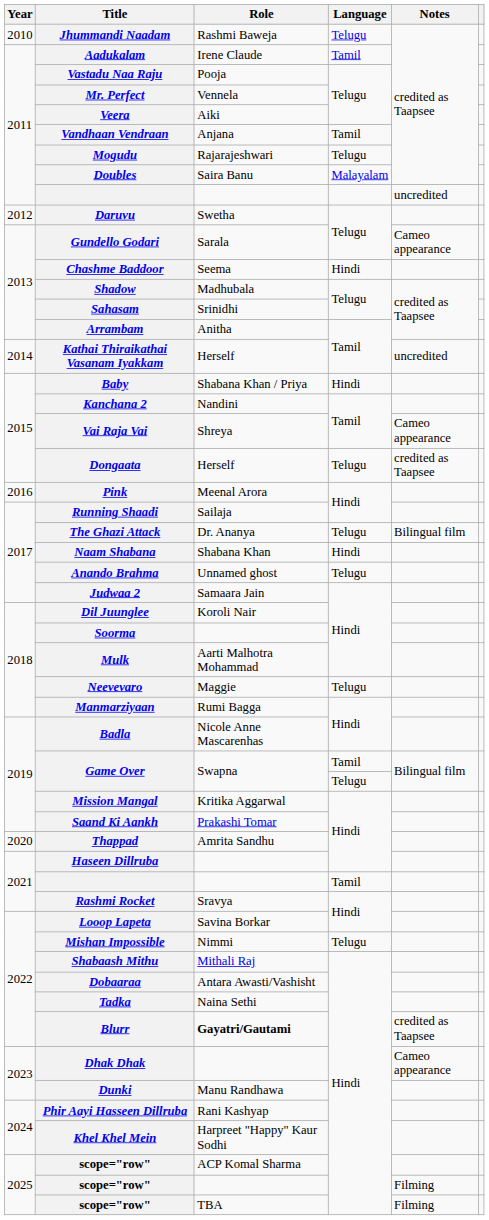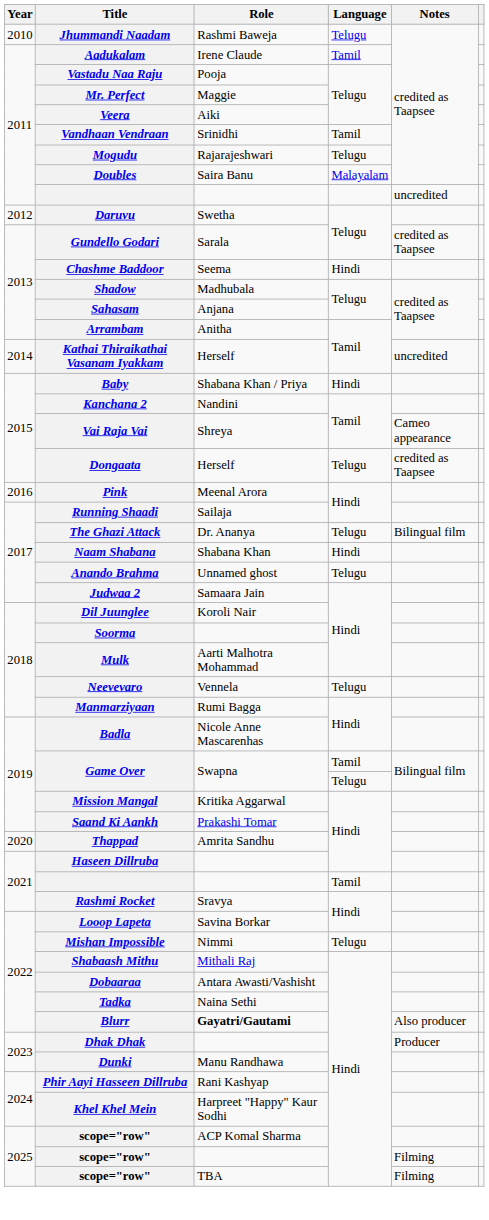 <table class="wikitable plainrowheaders sortable">
 <tr style="background:#ccc; text-align:center;">
 <th scope="col">Year</th>
 <th scope="col">Title</th>
 <th scope="col">Role</th>
 <th scope="col">Language</th>
 <th class="unsortable" scope="col">Notes</th>
 <th class="unsortable" scope="col"></th>
 </tr>
 <tr>
 <td>2010</td>
 <th scope="row"><em><a href='#'>Jhummandi Naadam</a></em></th>
 <td>Rashmi Baweja</td>
 <td><a href='#'>Telugu</a></td>
 <td rowspan=8>credited as Taapsee</td>
 <td style="text-align:center;"></td>
 </tr>
 <tr>
 <td rowspan="8">2011</td>
 <th scope="row"><em><a href='#'>Aadukalam</a></em></th>
 <td>Irene Claude</td>
 <td><a href='#'>Tamil</a></td>
 <td style="text-align:center;"></td>
 </tr>
 <tr>
 <th scope="row"><em><a href='#'>Vastadu Naa Raju</a></em></th>
 <td>Pooja</td>
 <td rowspan="3">Telugu</td>
 <td style="text-align:center;"></td>
 </tr>
 <tr>
 <th scope="row"><em><a href='#'>Mr. Perfect</a></em></th>
-<td>Vennela </td>
+<td>Maggie</td>
 <td style="text-align:center;"></td>
 </tr>
 <tr>
 <th scope="row"><em><a href='#'>Veera</a></em></th>
 <td>Aiki</td>
 <td style="text-align:center;"></td>
 </tr>
 <tr>
 <th scope="row"><em><a href='#'>Vandhaan Vendraan</a></em></th>
-<td>Anjana</td>
+<td>Srinidhi</td>
 <td>Tamil</td>
 <td style="text-align:center;"></td>
 </tr>
 <tr>
 <th scope="row"><em><a href='#'>Mogudu</a></em></th>
 <td>Rajarajeshwari</td>
 <td>Telugu</td>
 <td style="text-align:center;"></td>
 </tr>
 <tr>
 <th scope="row"><em><a href='#'>Doubles</a></em></th>
 <td>Saira Banu</td>
 <td><a href='#'>Malayalam</a></td>
 <td style="text-align:center;"></td>
 </tr>
 <tr>
 <th></th>
 <td></td>
 <td></td>
 <td>uncredited</td>
 <td></td>
 </tr>
 <tr>
 <td>2012</td>
 <th scope="row"><em><a href='#'>Daruvu</a></em></th>
 <td>Swetha</td>
 <td rowspan="2">Telugu</td>
 <td></td>
 <td style="text-align:center;"></td>
 </tr>
 <tr>
 <td rowspan="5">2013</td>
 <th scope="row"><em><a href='#'>Gundello Godari</a></em></th>
 <td>Sarala</td>
-<td>Cameo appearance</td>
+<td>credited as Taapsee</td>
 <td style="text-align:center;"></td>
 </tr>
 <tr>
 <th scope="row"><em><a href='#'>Chashme Baddoor</a></em></th>
 <td>Seema</td>
 <td>Hindi</td>
 <td></td>
 <td style="text-align:center;"></td>
 </tr>
 <tr>
 <th scope="row"><em><a href='#'>Shadow</a></em></th>
 <td>Madhubala</td>
 <td rowspan="2">Telugu</td>
 <td rowspan=3>credited as Taapsee</td>
 <td style="text-align:center;"></td>
 </tr>
 <tr>
 <th scope="row"><em><a href='#'>Sahasam</a></em></th>
-<td>Srinidhi</td>
+<td>Anjana</td>
 <td style="text-align:center;"></td>
 </tr>
 <tr>
 <th scope="row"><em><a href='#'>Arrambam</a></em></th>
 <td>Anitha</td>
 <td rowspan="2">Tamil</td>
 <td style="text-align:center;"></td>
 </tr>
 <tr>
 <td>2014</td>
 <th scope="row"><em><a href='#'>Kathai Thiraikathai Vasanam Iyakkam</a></em></th>
 <td>Herself</td>
 <td>uncredited</td>
 <td style="text-align:center;"></td>
 </tr>
 <tr>
 <td rowspan="4">2015</td>
 <th scope="row"><em><a href='#'>Baby</a></em></th>
 <td>Shabana Khan / Priya</td>
 <td>Hindi</td>
 <td></td>
 <td style="text-align:center;"></td>
 </tr>
 <tr>
 <th scope="row"><em><a href='#'>Kanchana 2</a></em></th>
 <td>Nandini</td>
 <td rowspan="2">Tamil</td>
 <td></td>
 <td style="text-align:center;"></td>
 </tr>
 <tr>
 <th scope="row"><em><a href='#'>Vai Raja Vai</a></em></th>
 <td>Shreya</td>
 <td>Cameo appearance</td>
 <td></td>
 </tr>
 <tr>
 <th scope="row"><em><a href='#'>Dongaata</a></em></th>
 <td>Herself</td>
 <td>Telugu</td>
 <td>credited as Taapsee</td>
 <td style="text-align:center;"></td>
 </tr>
 <tr>
 <td rowspan="1">2016</td>
 <th scope="row"><em><a href='#'>Pink</a></em></th>
 <td>Meenal Arora</td>
 <td rowspan="2">Hindi</td>
 <td></td>
 <td style="text-align:center;"></td>
 </tr>
 <tr>
 <td rowspan="6">2017</td>
 <th scope="row"><em><a href='#'>Running Shaadi</a></em></th>
 <td>Sailaja</td>
 <td></td>
 <td style="text-align:center;"></td>
 </tr>
 <tr>
 <th rowspan="2" scope="row"><em><a href='#'>The Ghazi Attack</a></em></th>
 <td rowspan="2">Dr. Ananya</td>
 <td>Telugu</td>
 <td rowspan="2">Bilingual film</td>
 <td rowspan="2" style="text-align:center;"></td>
 </tr>
 <tr>
 <td rowspan="2">Hindi</td>
 </tr>
 <tr>
 <th scope="row"><em><a href='#'>Naam Shabana</a></em></th>
 <td>Shabana Khan</td>
 <td></td>
 <td style="text-align:center;"></td>
 </tr>
 <tr>
 <th scope="row"><em><a href='#'>Anando Brahma</a></em></th>
 <td>Unnamed ghost</td>
 <td>Telugu</td>
 <td></td>
 <td style="text-align:center;"></td>
 </tr>
 <tr>
 <th scope="row"><em><a href='#'>Judwaa 2</a></em></th>
 <td>Samaara Jain</td>
 <td rowspan="4">Hindi</td>
 <td></td>
 <td style="text-align:center;"></td>
 </tr>
 <tr>
 <td rowspan="5">2018</td>
 <th scope="row"><em><a href='#'>Dil Juunglee</a></em></th>
 <td>Koroli Nair</td>
 <td></td>
 <td style="text-align:center;"></td>
 </tr>
 <tr>
 <th scope="row"><em><a href='#'>Soorma</a></em></th>
 <td></td>
 <td></td>
 <td style="text-align:center;"></td>
 </tr>
 <tr>
 <th scope="row"><em><a href='#'>Mulk</a></em></th>
 <td>Aarti Malhotra Mohammad</td>
 <td></td>
 <td style="text-align:center;"></td>
 </tr>
 <tr>
 <th scope="row"><em><a href='#'>Neevevaro</a></em></th>
-<td>Maggie</td>
+<td>Vennela </td>
 <td>Telugu</td>
 <td></td>
 <td style="text-align:center;"></td>
 </tr>
 <tr>
 <th scope="row"><em><a href='#'>Manmarziyaan</a></em></th>
 <td>Rumi Bagga</td>
 <td rowspan="2">Hindi</td>
 <td></td>
 <td style="text-align:center;"></td>
 </tr>
 <tr>
 <td rowspan="5">2019</td>
 <th scope="row"><em><a href='#'>Badla</a></em></th>
 <td>Nicole Anne Mascarenhas</td>
 <td></td>
 <td style="text-align:center;"></td>
 </tr>
 <tr>
 <th rowspan="2" scope="row"><em><a href='#'>Game Over</a></em></th>
 <td rowspan="2">Swapna</td>
 <td>Tamil</td>
 <td rowspan="2">Bilingual film</td>
 <td rowspan="2" style="text-align:center;"></td>
 </tr>
 <tr>
 <td>Telugu</td>
 </tr>
 <tr>
 <th scope="row"><em><a href='#'>Mission Mangal</a></em></th>
 <td>Kritika Aggarwal</td>
 <td rowspan="4">Hindi</td>
 <td></td>
 <td style="text-align:center;"></td>
 </tr>
 <tr>
 <th scope="row"><em><a href='#'>Saand Ki Aankh</a></em></th>
 <td><a href='#'>Prakashi Tomar</a></td>
 <td></td>
 <td style="text-align:center;"></td>
 </tr>
 <tr>
 <td>2020</td>
 <th scope="row"><em><a href='#'>Thappad</a></em></th>
 <td>Amrita Sandhu</td>
 <td></td>
 <td style="text-align:center;"></td>
 </tr>
 <tr>
 <td rowspan="3">2021</td>
 <th scope="row"><em><a href='#'>Haseen Dillruba</a></em></th>
 <td></td>
 <td></td>
 <td style="text-align:center;"></td>
 </tr>
 <tr>
 <th scope="row"></th>
 <td></td>
 <td>Tamil</td>
 <td></td>
 <td style="text-align:center;"></td>
 </tr>
 <tr>
 <th scope="row"><em><a href='#'>Rashmi Rocket</a></em></th>
 <td>Sravya</td>
 <td rowspan="2">Hindi</td>
 <td></td>
 <td style="text-align:center;"></td>
 </tr>
 <tr>
 <td rowspan="6">2022</td>
 <th scope="row"><em><a href='#'>Looop Lapeta</a></em></th>
 <td>Savina Borkar</td>
 <td></td>
 <td style="text-align:center;"></td>
 </tr>
 <tr>
 <th scope="row"><em><a href='#'>Mishan Impossible</a></em></th>
 <td>Nimmi</td>
 <td>Telugu</td>
 <td></td>
 <td style="text-align:center;"></td>
 </tr>
 <tr>
 <th scope="row"><em><a href='#'>Shabaash Mithu</a></em></th>
 <td><a href='#'>Mithali Raj</a></td>
 <td rowspan="11">Hindi</td>
 <td></td>
 <td style="text-align:center;"></td>
 </tr>
 <tr>
 <th scope="row"><em><a href='#'>Dobaaraa</a></em></th>
 <td>Antara Awasti/Vashisht</td>
 <td></td>
 <td style="text-align:center;"></td>
 </tr>
 <tr>
 <th scope="row"><em><a href='#'>Tadka</a></em></th>
 <td>Naina Sethi</td>
 <td></td>
 <td style="text-align:center;"></td>
 </tr>
 <tr>
 <th scope="row"><em><a href='#'>Blurr</a></em></th>
 <td><strong>Gayatri/Gautami</strong></td>
-<td>credited as Taapsee</td>
+<td>Also producer</td>
 <td style="text-align:center;"></td>
 </tr>
 <tr>
 <td rowspan="2">2023</td>
 <th scope="row"><em><a href='#'>Dhak Dhak</a></em></th>
 <td></td>
-<td>Cameo appearance</td>
+<td>Producer</td>
 <td style="text-align:center;"></td>
 </tr>
 <tr>
 <th scope="row"><em><a href='#'>Dunki</a></em></th>
 <td>Manu Randhawa</td>
 <td></td>
 <td style="text-align:center;"></td>
 </tr>
 <tr>
 <td rowspan="2">2024</td>
 <th scope="row"><em><a href='#'>Phir Aayi Hasseen Dillruba</a></em></th>
 <td>Rani Kashyap</td>
 <td></td>
 <td style="text-align:center;"></td>
 </tr>
 <tr>
 <th scope="row"><em><a href='#'>Khel Khel Mein</a></em></th>
 <td>Harpreet "Happy" Kaur Sodhi</td>
 <td></td>
 <td style="text-align:center;"></td>
 </tr>
 <tr>
 <td rowspan="3">2025</td>
 <th>scope="row" </th>
 <td>ACP Komal Sharma</td>
 <td></td>
 <td style="text-align:center;"></td>
 </tr>
 <tr>
 <th>scope="row" </th>
 <td></td>
 <td>Filming</td>
 <td style="text-align:center;"></td>
 </tr>
 <tr>
 <th>scope="row" </th>
 <td>TBA</td>
 <td>Filming</td>
 <td style="text-align:center;"></td>
 </tr>
 </table>
